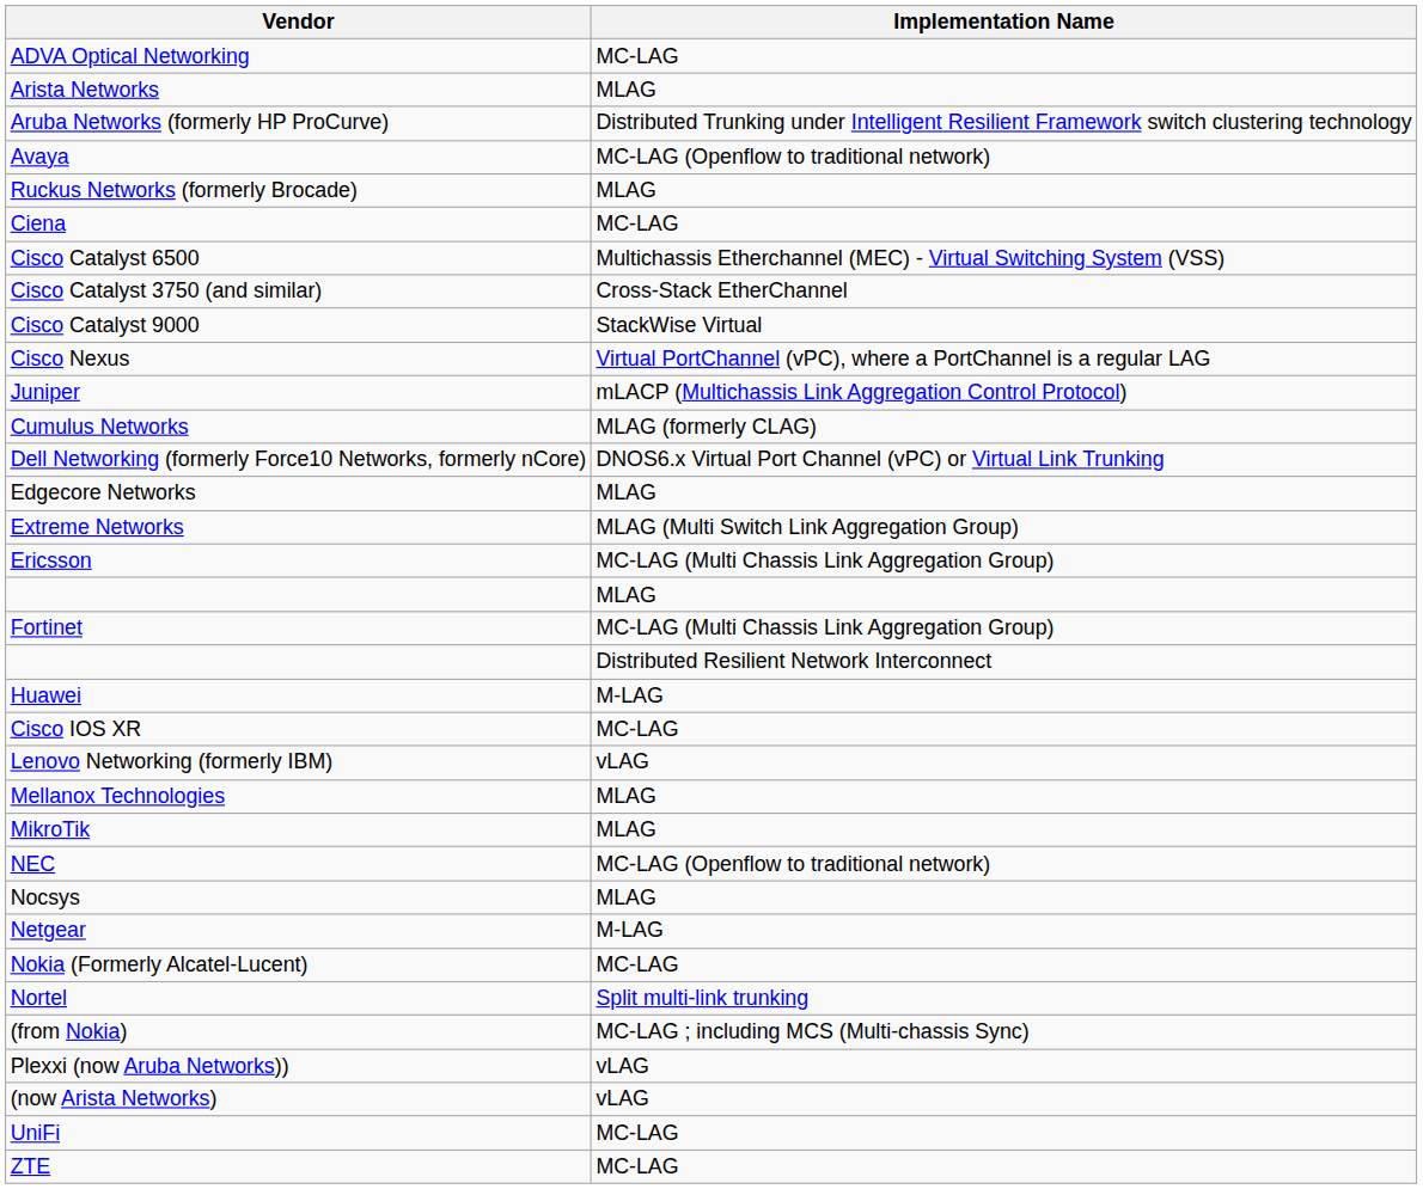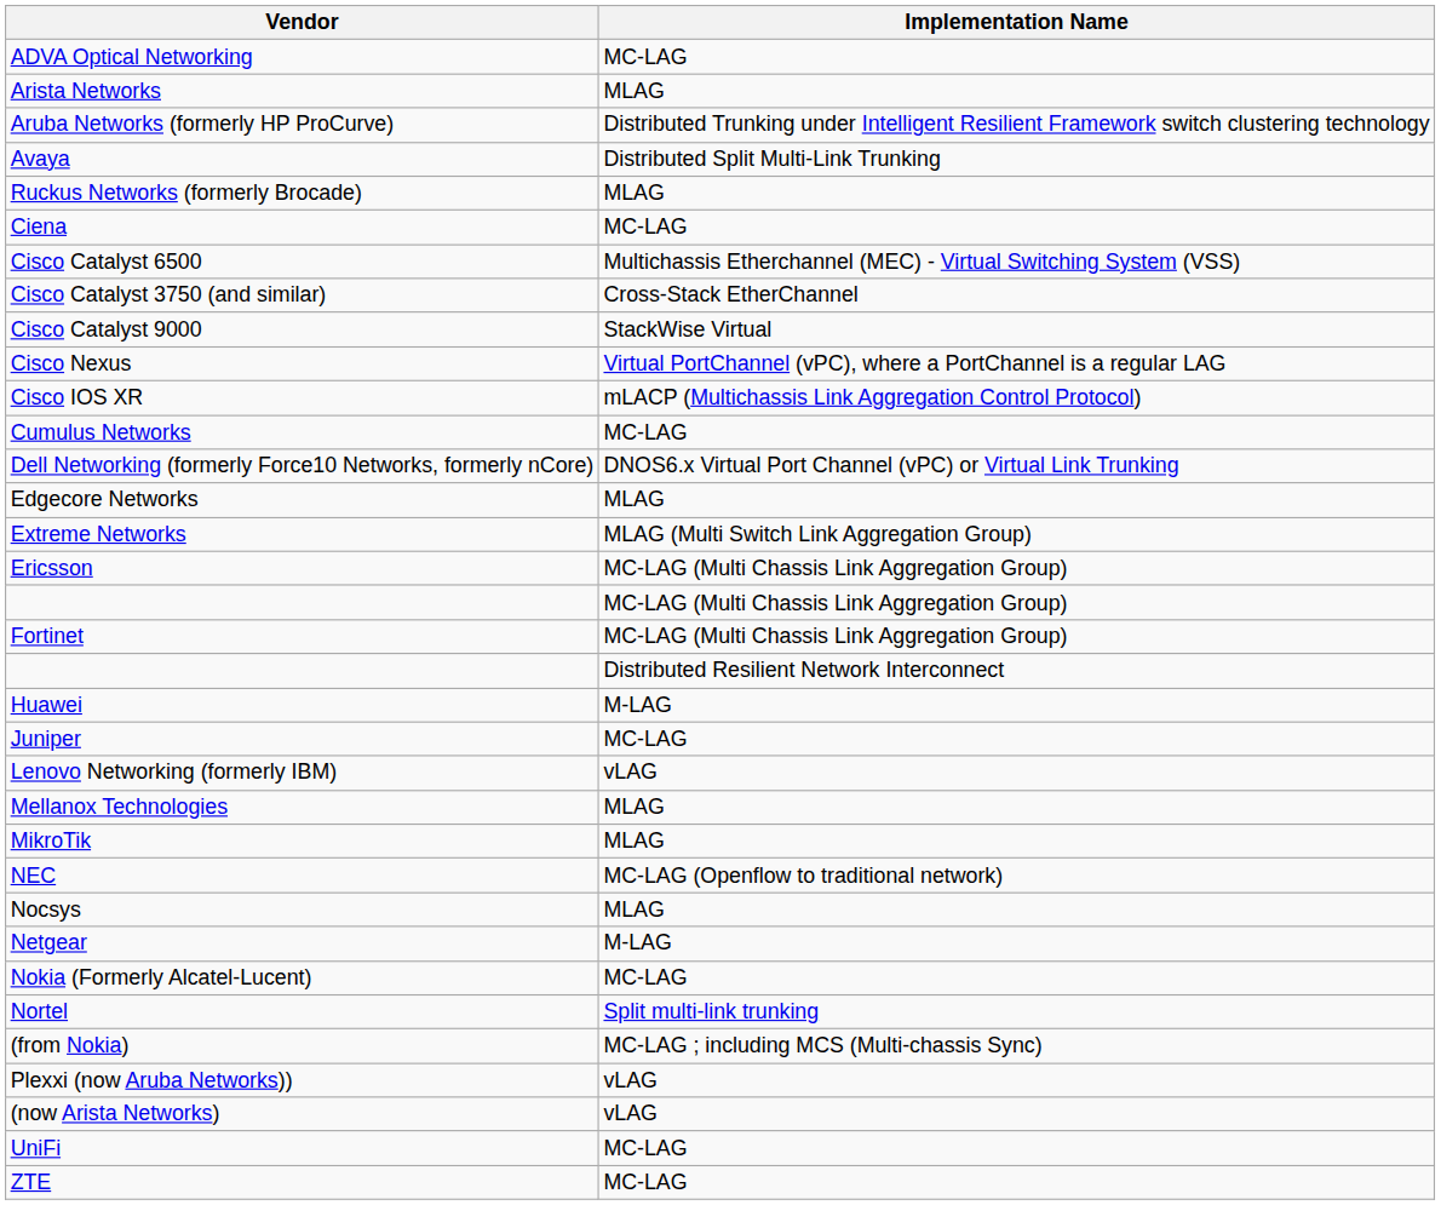 <table class="wikitable">
 <tr>
 <th>Vendor</th>
 <th>Implementation Name</th>
 </tr>
 <tr>
 <td><a href='#'>ADVA Optical Networking</a></td>
 <td>MC-LAG</td>
 </tr>
 <tr>
 <td><a href='#'>Arista Networks</a></td>
 <td>MLAG</td>
 </tr>
 <tr>
 <td><a href='#'>Aruba Networks</a> (formerly HP ProCurve)</td>
 <td>Distributed Trunking under <a href='#'>Intelligent Resilient Framework</a> switch clustering technology</td>
 </tr>
 <tr>
 <td><a href='#'>Avaya</a></td>
-<td>MC-LAG (Openflow to traditional network)</td>
+<td>Distributed Split Multi-Link Trunking</td>
 </tr>
 <tr>
 <td><a href='#'>Ruckus Networks</a> (formerly Brocade)</td>
 <td>MLAG</td>
 </tr>
 <tr>
 <td><a href='#'>Ciena</a></td>
 <td>MC-LAG</td>
 </tr>
 <tr>
 <td><a href='#'>Cisco</a> Catalyst 6500</td>
 <td>Multichassis Etherchannel (MEC) - <a href='#'>Virtual Switching System</a> (VSS)</td>
 </tr>
 <tr>
 <td><a href='#'>Cisco</a> Catalyst 3750 (and similar)</td>
 <td>Cross-Stack EtherChannel</td>
 </tr>
 <tr>
 <td><a href='#'>Cisco</a> Catalyst 9000</td>
 <td>StackWise Virtual</td>
 </tr>
 <tr>
 <td><a href='#'>Cisco</a> Nexus</td>
 <td><a href='#'>Virtual PortChannel</a> (vPC), where a PortChannel is a regular LAG</td>
 </tr>
 <tr>
-<td><a href='#'>Juniper</a></td>
+<td><a href='#'>Cisco</a> IOS XR</td>
 <td>mLACP (<a href='#'>Multichassis Link Aggregation Control Protocol</a>)</td>
 </tr>
 <tr>
 <td><a href='#'>Cumulus Networks</a></td>
-<td>MLAG (formerly CLAG)</td>
+<td>MC-LAG</td>
 </tr>
 <tr>
 <td><a href='#'>Dell Networking</a> (formerly Force10 Networks, formerly nCore)</td>
 <td>DNOS6.x Virtual Port Channel (vPC) or <a href='#'>Virtual Link Trunking</a></td>
 </tr>
 <tr>
 <td>Edgecore Networks</td>
 <td>MLAG</td>
 </tr>
 <tr>
 <td><a href='#'>Extreme Networks</a></td>
 <td>MLAG (Multi Switch Link Aggregation Group)</td>
 </tr>
 <tr>
 <td><a href='#'>Ericsson</a></td>
 <td>MC-LAG (Multi Chassis Link Aggregation Group)</td>
 </tr>
 <tr>
 <td></td>
-<td>MLAG</td>
+<td>MC-LAG (Multi Chassis Link Aggregation Group)</td>
 </tr>
 <tr>
 <td><a href='#'>Fortinet</a></td>
 <td>MC-LAG (Multi Chassis Link Aggregation Group)</td>
 </tr>
 <tr>
 <td></td>
 <td>Distributed Resilient Network Interconnect</td>
 </tr>
 <tr>
 <td><a href='#'>Huawei</a></td>
 <td>M-LAG</td>
 </tr>
 <tr>
-<td><a href='#'>Cisco</a> IOS XR</td>
+<td><a href='#'>Juniper</a></td>
 <td>MC-LAG</td>
 </tr>
 <tr>
 <td><a href='#'>Lenovo</a> Networking (formerly IBM)</td>
 <td>vLAG</td>
 </tr>
 <tr>
 <td><a href='#'>Mellanox Technologies</a></td>
 <td>MLAG</td>
 </tr>
 <tr>
 <td><a href='#'>MikroTik</a></td>
 <td>MLAG</td>
 </tr>
 <tr>
 <td><a href='#'>NEC</a></td>
 <td>MC-LAG (Openflow to traditional network)</td>
 </tr>
 <tr>
 <td>Nocsys</td>
 <td>MLAG</td>
 </tr>
 <tr>
 <td><a href='#'>Netgear</a></td>
 <td>M-LAG</td>
 </tr>
 <tr>
 <td><a href='#'>Nokia</a> (Formerly Alcatel-Lucent)</td>
 <td>MC-LAG</td>
 </tr>
 <tr>
 <td><a href='#'>Nortel</a></td>
 <td><a href='#'>Split multi-link trunking</a></td>
 </tr>
 <tr>
 <td> (from <a href='#'>Nokia</a>)</td>
 <td>MC-LAG ; including MCS (Multi-chassis Sync)</td>
 </tr>
 <tr>
 <td>Plexxi (now <a href='#'>Aruba Networks</a>))</td>
 <td>vLAG</td>
 </tr>
 <tr>
 <td> (now <a href='#'>Arista Networks</a>)</td>
 <td>vLAG</td>
 </tr>
 <tr>
 <td><a href='#'>UniFi</a></td>
 <td>MC-LAG</td>
 </tr>
 <tr>
 <td><a href='#'>ZTE</a></td>
 <td>MC-LAG</td>
 </tr>
 </table>
